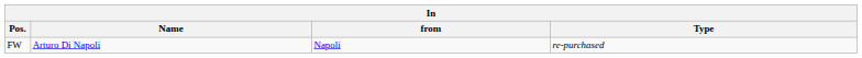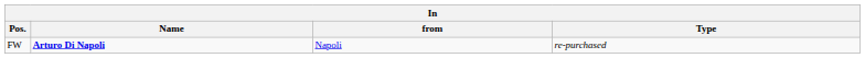 <table class="wikitable" style="font-size:90%;width:99%;">
 <tr>
 <th colspan="4">In</th>
 </tr>
 <tr>
 <th width=3%>Pos.</th>
 <th width=33%>Name</th>
 <th width=28%>from</th>
 <th width=36%>Type</th>
 </tr>
 <tr>
 <td>FW</td>
-<td><a href='#'>Arturo Di Napoli</a></td>
+<td><strong><a href='#'>Arturo Di Napoli</a></strong></td>
 <td><a href='#'>Napoli</a></td>
 <td><em>re-purchased</em></td>
 </tr>
 </table>
